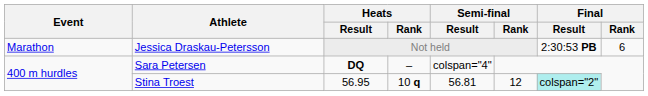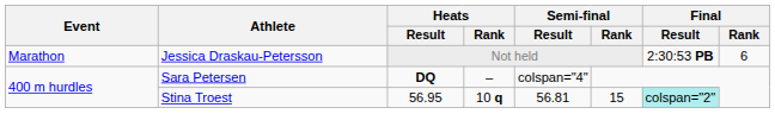 <table class="wikitable" style="font-size:90%; text-align:center;">
 <tr>
 <th rowspan="2" style="width:20%;">Event</th>
 <th rowspan="2" style="width:30%;">Athlete</th>
 <th colspan="2" style="width:16.67%;">Heats</th>
 <th colspan="2" style="width:16.67%;">Semi-final</th>
 <th colspan="2" style="width:16.67%;">Final</th>
 </tr>
 <tr style="font-size:95%;">
 <th style="width:10%;">Result</th>
 <th style="width:6.67%;">Rank</th>
 <th style="width:10%;">Result</th>
 <th style="width:6.67%;">Rank</th>
 <th style="width:10%;">Result</th>
 <th style="width:6.67%;">Rank</th>
 </tr>
 <tr>
 <td style="text-align:left;"><a href='#'>Marathon</a></td>
 <td style="text-align:left;"><a href='#'>Jessica Draskau-Petersson</a></td>
 <td colspan="4" class="table-na" style="background: #ececec; color: grey; vertical-align: middle; text-align: center; font-size:95%;">Not held</td>
 <td>2:30:53 <strong>PB</strong></td>
 <td>6</td>
 </tr>
 <tr>
 <td rowspan="2" style="text-align:left;"><a href='#'>400 m hurdles</a></td>
 <td style="text-align:left;"><a href='#'>Sara Petersen</a></td>
 <td><strong>DQ</strong></td>
 <td>–</td>
 <td>colspan="4" </td>
 </tr>
 <tr>
 <td style="text-align:left;"><a href='#'>Stina Troest</a></td>
 <td>56.95</td>
 <td>10 <strong>q</strong></td>
 <td>56.81</td>
-<td>12</td>
+<td>15</td>
 <td style="background: paleturquoise;">colspan="2" </td>
 </tr>
 </table>
